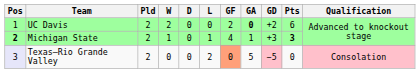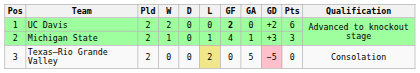 <table class="wikitable" style="text-align:center; margin: 1em auto">
 <tr>
 <th style=width:2em>Pos</th>
 <th style=width:13em>Team</th>
 <th style=width:2em>Pld</th>
 <th style=width:2em>W</th>
 <th style=width:2em>D</th>
 <th style=width:2em>L</th>
 <th style=width:2em>GF</th>
 <th style=width:2em>GA</th>
 <th style=width:2em>GD</th>
 <th style=width:2em>Pts</th>
 <th style=width:13em>Qualification</th>
 </tr>
 <tr bgcolor="#9eff9e">
 <td>1</td>
 <td style="text-align:left">UC Davis</td>
 <td>2</td>
 <td>2</td>
 <td>0</td>
 <td>0</td>
-<td>2</td>
-<td><strong>0</strong></td>
+<td><strong>2</strong></td>
+<td>0</td>
 <td>+2</td>
 <td>6</td>
 <td rowspan="2">Advanced to knockout stage</td>
 </tr>
 <tr bgcolor="#9eff9e">
-<td><strong>2</strong></td>
+<td>2</td>
 <td style="text-align:left">Michigan State</td>
 <td>2</td>
 <td>1</td>
 <td>0</td>
 <td>1</td>
 <td>4</td>
 <td>1</td>
 <td>+3</td>
-<td><strong>3</strong></td>
+<td>3</td>
 </tr>
 <tr>
-<td style="background: lavender;">3</td>
+<td>3</td>
 <td style="text-align:left">Texas–Rio Grande Valley</td>
 <td>2</td>
 <td>0</td>
 <td>0</td>
-<td>2</td>
-<td style="background: lightsalmon;">0</td>
+<td style="background: khaki;">2</td>
+<td>0</td>
 <td>5</td>
 <td style="background: pink;">−5</td>
 <td>0</td>
-<td style="background: pink;">Consolation</td>
+<td>Consolation</td>
 </tr>
 </table>
